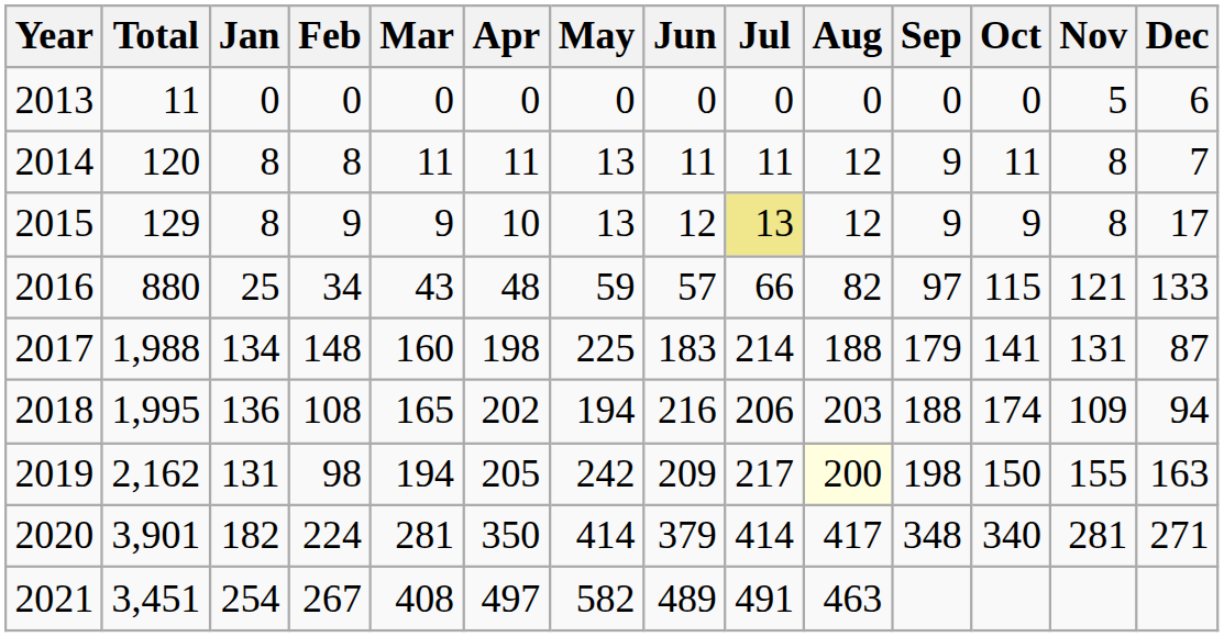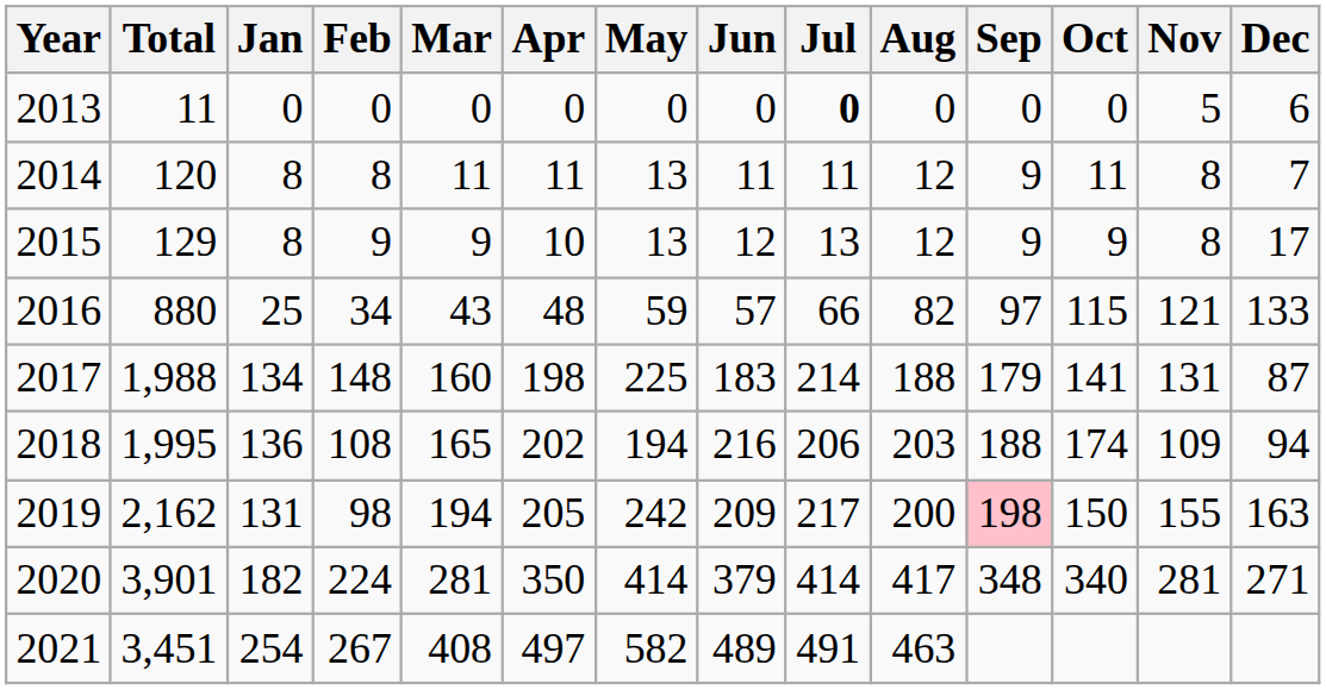 <table class="wikitable" style="text-align:right;">
 <tr>
 <th>Year</th>
 <th>Total</th>
 <th>Jan</th>
 <th>Feb</th>
 <th>Mar</th>
 <th>Apr</th>
 <th>May</th>
 <th>Jun</th>
 <th>Jul</th>
 <th>Aug</th>
 <th>Sep</th>
 <th>Oct</th>
 <th>Nov</th>
 <th>Dec</th>
 </tr>
 <tr align=right>
 <td>2013</td>
 <td>11</td>
 <td>0</td>
 <td>0</td>
 <td>0</td>
 <td>0</td>
 <td>0</td>
 <td>0</td>
-<td>0</td>
+<td><strong>0</strong></td>
 <td>0</td>
 <td>0</td>
 <td>0</td>
 <td>5</td>
 <td>6</td>
 </tr>
 <tr align=right>
 <td>2014</td>
 <td>120</td>
 <td>8</td>
 <td>8</td>
 <td>11</td>
 <td>11</td>
 <td>13</td>
 <td>11</td>
 <td>11</td>
 <td>12</td>
 <td>9</td>
 <td>11</td>
 <td>8</td>
 <td>7</td>
 </tr>
 <tr align=right>
 <td>2015</td>
 <td>129</td>
 <td>8</td>
 <td>9</td>
 <td>9</td>
 <td>10</td>
 <td>13</td>
 <td>12</td>
-<td style="background: khaki;">13</td>
+<td>13</td>
 <td>12</td>
 <td>9</td>
 <td>9</td>
 <td>8</td>
 <td>17</td>
 </tr>
 <tr align=right>
 <td>2016</td>
 <td>880</td>
 <td>25</td>
 <td>34</td>
 <td>43</td>
 <td>48</td>
 <td>59</td>
 <td>57</td>
 <td>66</td>
 <td>82</td>
 <td>97</td>
 <td>115</td>
 <td>121</td>
 <td>133</td>
 </tr>
 <tr align=right>
 <td>2017</td>
 <td>1,988</td>
 <td>134</td>
 <td>148</td>
 <td>160</td>
 <td>198</td>
 <td>225</td>
 <td>183</td>
 <td>214</td>
 <td>188</td>
 <td>179</td>
 <td>141</td>
 <td>131</td>
 <td>87</td>
 </tr>
 <tr align=right>
 <td>2018</td>
 <td>1,995</td>
 <td>136</td>
 <td>108</td>
 <td>165</td>
 <td>202</td>
 <td>194</td>
 <td>216</td>
 <td>206</td>
 <td>203</td>
 <td>188</td>
 <td>174</td>
 <td>109</td>
 <td>94</td>
 </tr>
 <tr align=right>
 <td>2019</td>
 <td>2,162</td>
 <td>131</td>
 <td>98</td>
 <td>194</td>
 <td>205</td>
 <td>242</td>
 <td>209</td>
 <td>217</td>
-<td style="background: lightyellow;">200</td>
-<td>198</td>
+<td>200</td>
+<td style="background: pink;">198</td>
 <td>150</td>
 <td>155</td>
 <td>163</td>
 </tr>
 <tr align=right>
 <td>2020</td>
 <td>3,901</td>
 <td>182</td>
 <td>224</td>
 <td>281</td>
 <td>350</td>
 <td>414</td>
 <td>379</td>
 <td>414</td>
 <td>417</td>
 <td>348</td>
 <td>340</td>
 <td>281</td>
 <td>271</td>
 </tr>
 <tr align=right>
 <td>2021</td>
 <td>3,451</td>
 <td>254</td>
 <td>267</td>
 <td>408</td>
 <td>497</td>
 <td>582</td>
 <td>489</td>
 <td>491</td>
 <td>463</td>
 <td></td>
 <td></td>
 <td></td>
 </tr>
 </table>
